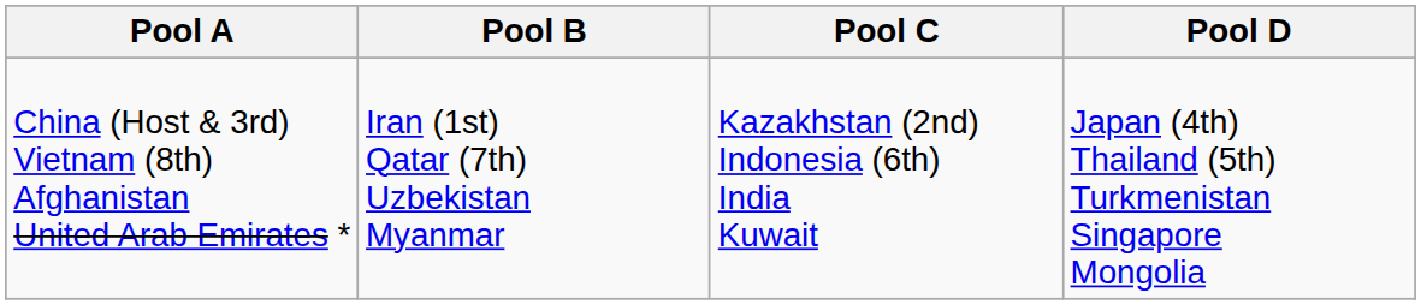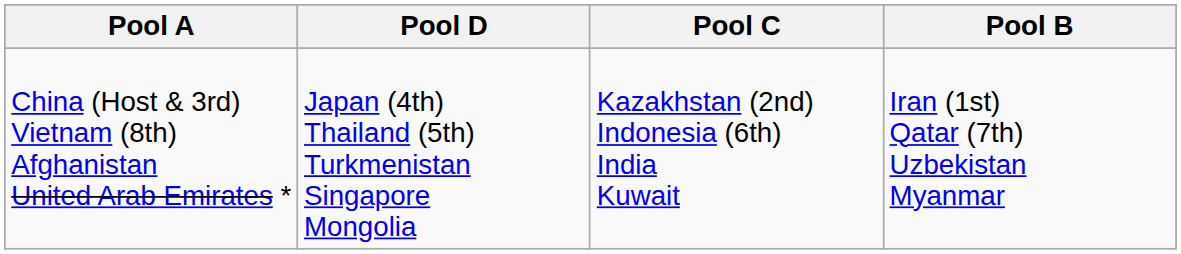 <table class="wikitable">
 <tr>
 <th width=25%>Pool A</th>
+<th width=25%>Pool D</th>
+<th width=25%>Pool C</th>
 <th width=25%>Pool B</th>
-<th width=25%>Pool C</th>
-<th width=25%>Pool D</th>
 </tr>
 <tr>
 <td valign=top><br> <a href='#'>China</a> (Host & 3rd)<br>  <a href='#'>Vietnam</a> (8th)<br>  <a href='#'>Afghanistan</a><br> <s> <a href='#'>United Arab Emirates</a></s> *</td>
+<td valign=top><br> <a href='#'>Japan</a> (4th)<br>  <a href='#'>Thailand</a> (5th)<br>  <a href='#'>Turkmenistan</a><br>  <a href='#'>Singapore</a><br>  <a href='#'>Mongolia</a></td>
+<td valign=top><br> <a href='#'>Kazakhstan</a> (2nd)<br>  <a href='#'>Indonesia</a> (6th)<br>  <a href='#'>India</a><br>  <a href='#'>Kuwait</a><br></td>
 <td valign=top><br> <a href='#'>Iran</a> (1st)<br>  <a href='#'>Qatar</a> (7th)<br>  <a href='#'>Uzbekistan</a><br>  <a href='#'>Myanmar</a></td>
-<td valign=top><br> <a href='#'>Kazakhstan</a> (2nd)<br>  <a href='#'>Indonesia</a> (6th)<br>  <a href='#'>India</a><br>  <a href='#'>Kuwait</a><br></td>
-<td valign=top><br> <a href='#'>Japan</a> (4th)<br>  <a href='#'>Thailand</a> (5th)<br>  <a href='#'>Turkmenistan</a><br>  <a href='#'>Singapore</a><br>  <a href='#'>Mongolia</a></td>
 </tr>
 </table>
